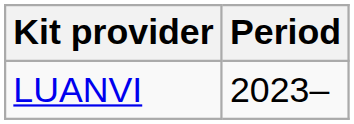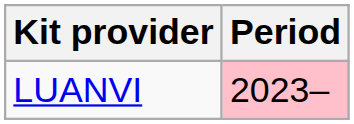 <table class="wikitable">
 <tr>
 <th>Kit provider</th>
 <th>Period</th>
 </tr>
 <tr>
 <td> <a href='#'>LUANVI</a></td>
-<td>2023–</td>
+<td style="background: pink;">2023–</td>
 </tr>
 </table>
